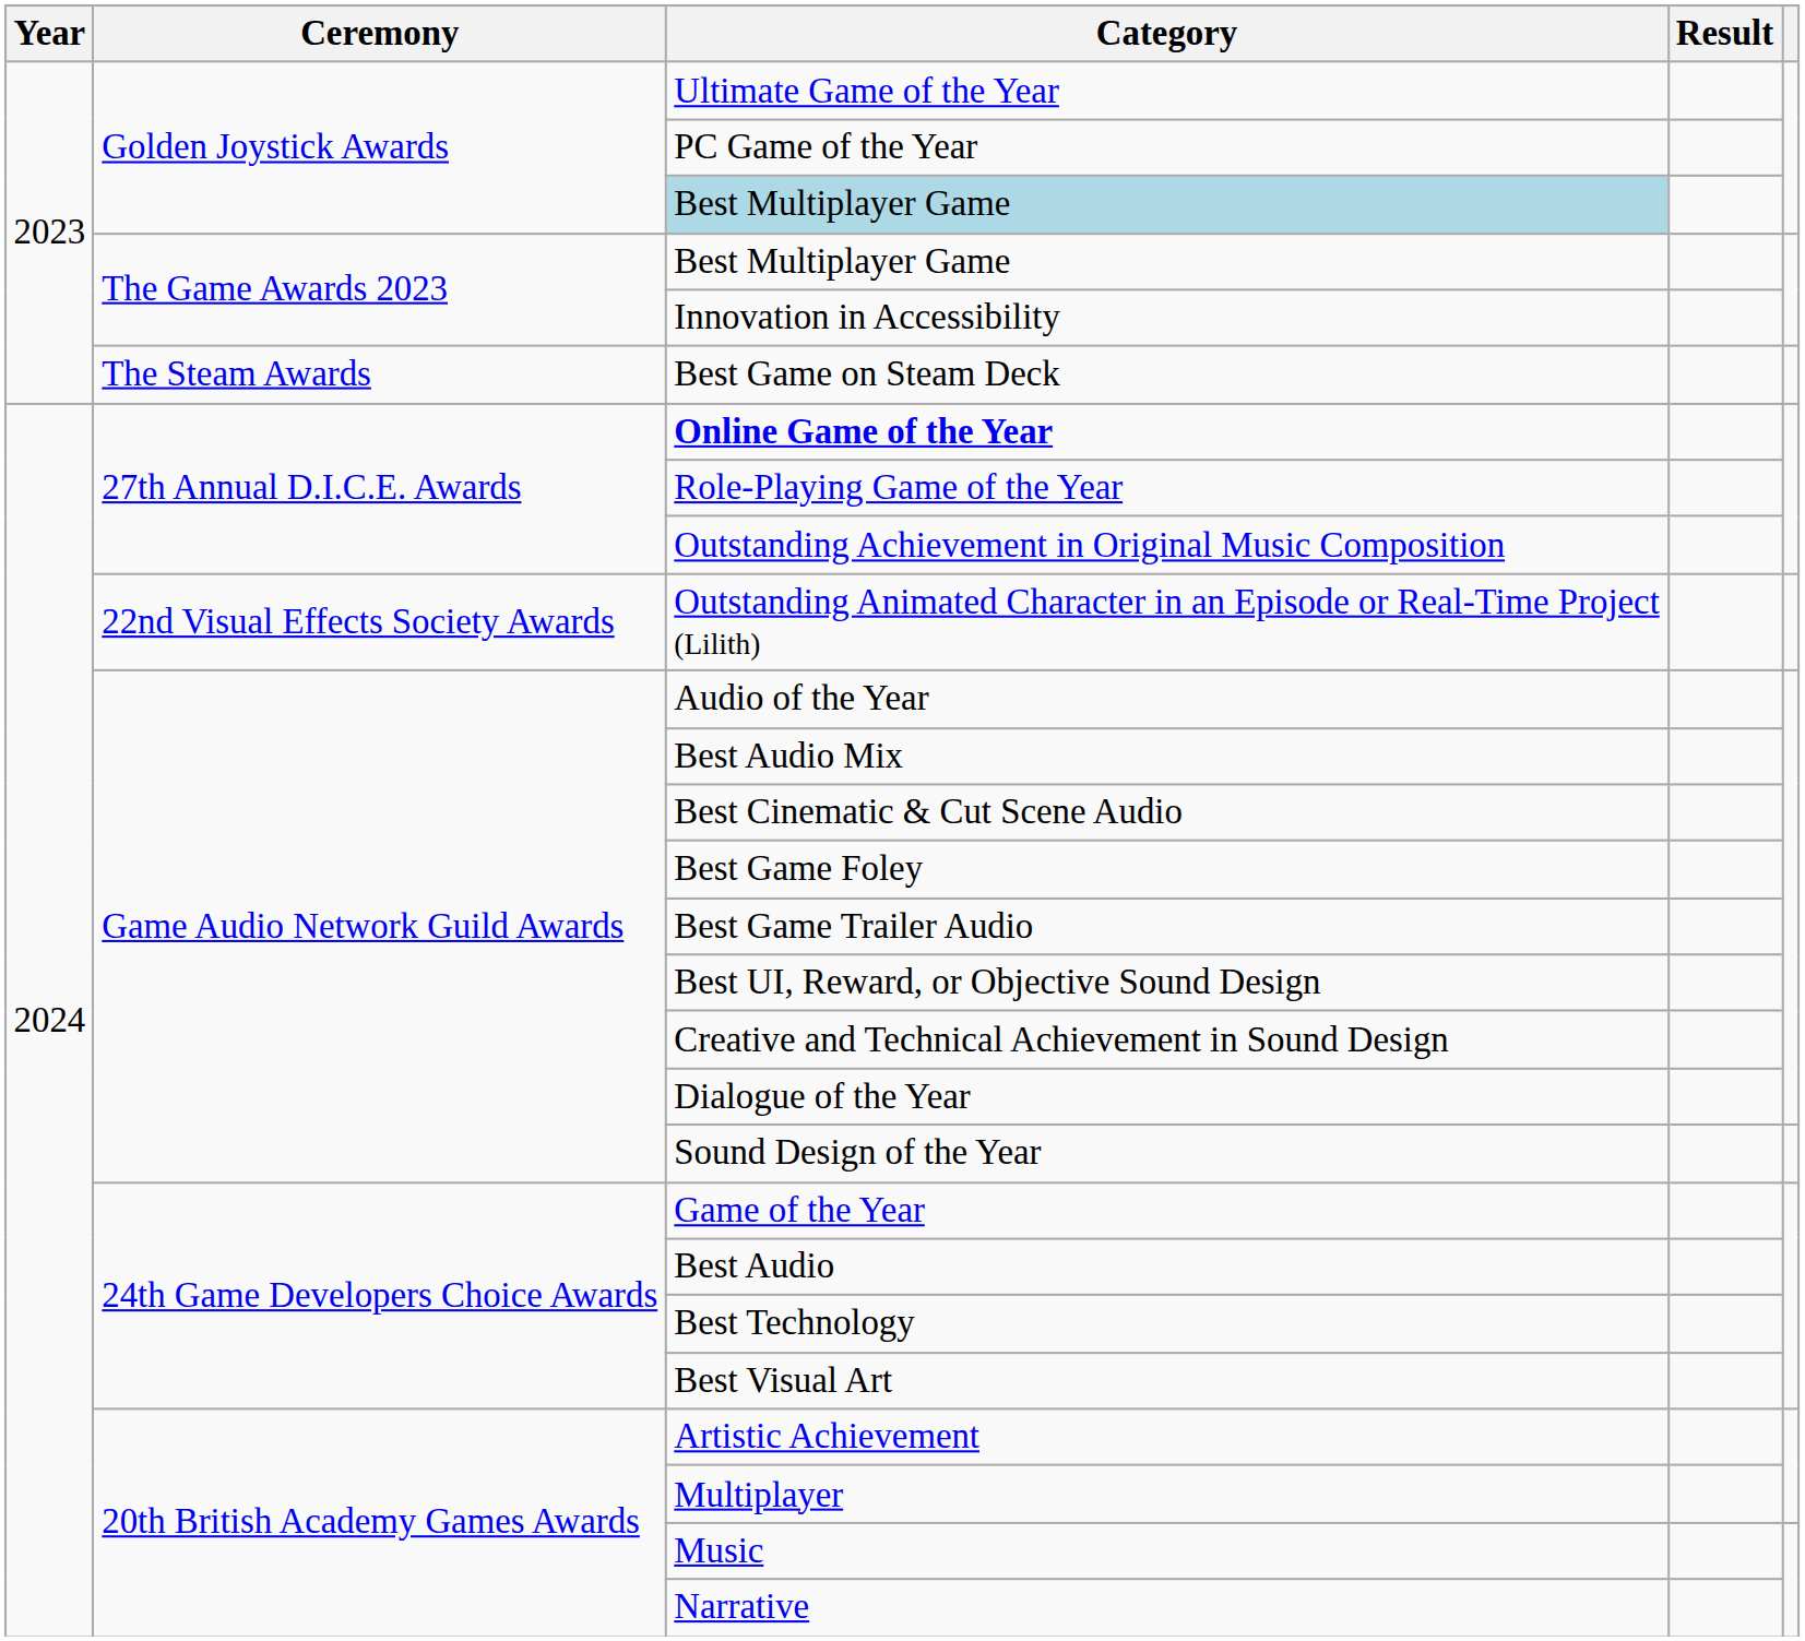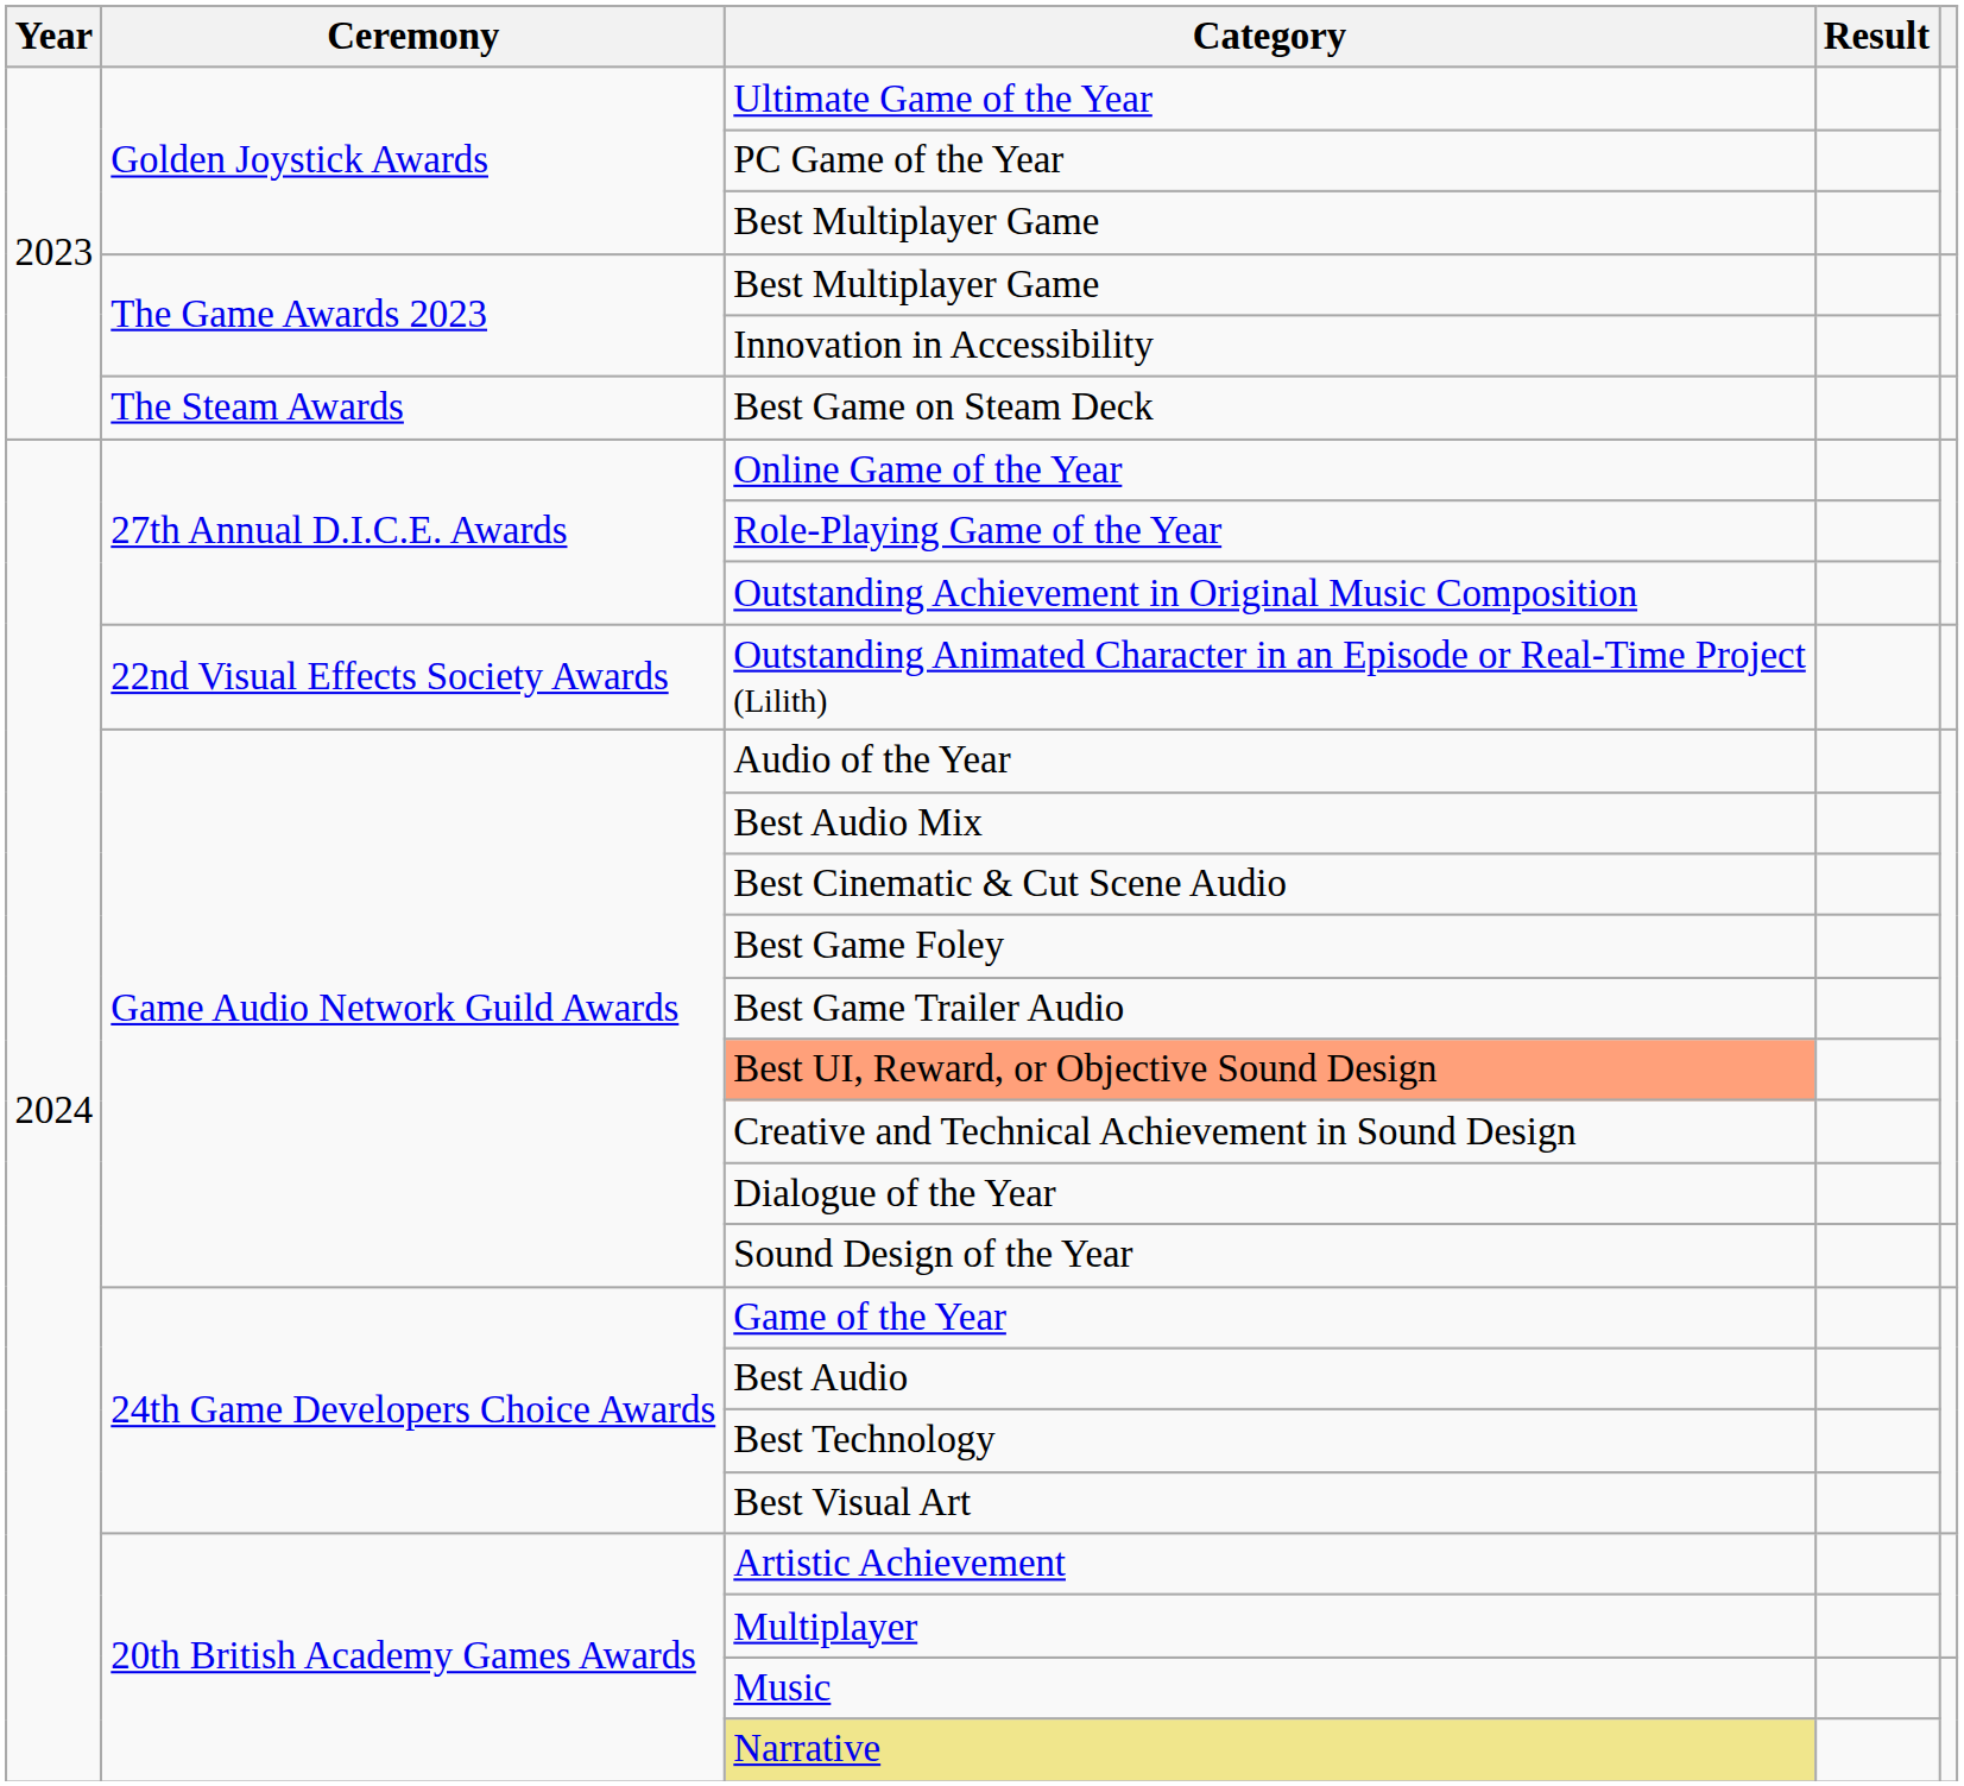 <table class="wikitable sortable">
 <tr>
 <th>Year</th>
 <th>Ceremony</th>
 <th>Category</th>
 <th>Result</th>
 <th></th>
 </tr>
 <tr>
 <td rowspan="6" style="text-align:center;">2023</td>
 <td rowspan="3"><a href='#'>Golden Joystick Awards</a></td>
 <td><a href='#'>Ultimate Game of the Year</a></td>
 <td></td>
 <td style="text-align:center;" rowspan="3"></td>
 </tr>
 <tr>
 <td>PC Game of the Year</td>
 <td></td>
 </tr>
 <tr>
-<td style="background: lightblue;">Best Multiplayer Game</td>
+<td>Best Multiplayer Game</td>
 <td></td>
 </tr>
 <tr>
 <td rowspan="2"><a href='#'>The Game Awards 2023</a></td>
 <td>Best Multiplayer Game</td>
 <td></td>
 <td style="text-align:center;" rowspan="2"></td>
 </tr>
 <tr>
 <td>Innovation in Accessibility</td>
 <td></td>
 </tr>
 <tr>
 <td><a href='#'>The Steam Awards</a></td>
 <td>Best Game on Steam Deck</td>
 <td></td>
 <td style="text-align:center;"></td>
 </tr>
 <tr>
 <td rowspan="21" style="text-align:center;">2024</td>
 <td rowspan="3"><a href='#'>27th Annual D.I.C.E. Awards</a></td>
-<td><strong><a href='#'>Online Game of the Year</a></strong></td>
+<td><a href='#'>Online Game of the Year</a></td>
 <td></td>
 <td rowspan="3" style="text-align:center;"></td>
 </tr>
 <tr>
 <td><a href='#'>Role-Playing Game of the Year</a></td>
 <td></td>
 </tr>
 <tr>
 <td><a href='#'>Outstanding Achievement in Original Music Composition</a></td>
 <td></td>
 </tr>
 <tr>
 <td><a href='#'>22nd Visual Effects Society Awards</a></td>
 <td><a href='#'>Outstanding Animated Character in an Episode or Real-Time Project</a> <br><small>(Lilith)</small></td>
 <td></td>
 <td style="text-align:center;"></td>
 </tr>
 <tr>
 <td rowspan="9"><a href='#'>Game Audio Network Guild Awards</a></td>
 <td>Audio of the Year</td>
 <td></td>
 <td rowspan="8" style="text-align:center;"></td>
 </tr>
 <tr>
 <td>Best Audio Mix</td>
 <td></td>
 </tr>
 <tr>
 <td>Best Cinematic & Cut Scene Audio</td>
 <td></td>
 </tr>
 <tr>
 <td>Best Game Foley</td>
 <td></td>
 </tr>
 <tr>
 <td>Best Game Trailer Audio</td>
 <td></td>
 </tr>
 <tr>
-<td>Best UI, Reward, or Objective Sound Design</td>
+<td style="background: lightsalmon;">Best UI, Reward, or Objective Sound Design</td>
 <td></td>
 </tr>
 <tr>
 <td>Creative and Technical Achievement in Sound Design</td>
 <td></td>
 </tr>
 <tr>
 <td>Dialogue of the Year</td>
 <td></td>
 </tr>
 <tr>
 <td>Sound Design of the Year</td>
 <td></td>
 </tr>
 <tr>
 <td rowspan="4"><a href='#'>24th Game Developers Choice Awards</a></td>
 <td><a href='#'>Game of the Year</a></td>
 <td></td>
 <td rowspan="4" style="text-align:center;"></td>
 </tr>
 <tr>
 <td>Best Audio</td>
 <td></td>
 </tr>
 <tr>
 <td>Best Technology</td>
 <td></td>
 </tr>
 <tr>
 <td>Best Visual Art</td>
 <td></td>
 </tr>
 <tr>
 <td rowspan="4"><a href='#'>20th British Academy Games Awards</a></td>
 <td><a href='#'>Artistic Achievement</a></td>
 <td></td>
 <td rowspan="2" style="text-align:center;"></td>
 </tr>
 <tr>
 <td><a href='#'>Multiplayer</a></td>
 <td></td>
 </tr>
 <tr>
 <td><a href='#'>Music</a></td>
 <td></td>
 <td rowspan="2" style="text-align:center;"></td>
 </tr>
 <tr>
-<td><a href='#'>Narrative</a></td>
+<td style="background: khaki;"><a href='#'>Narrative</a></td>
 <td></td>
 </tr>
 </table>
